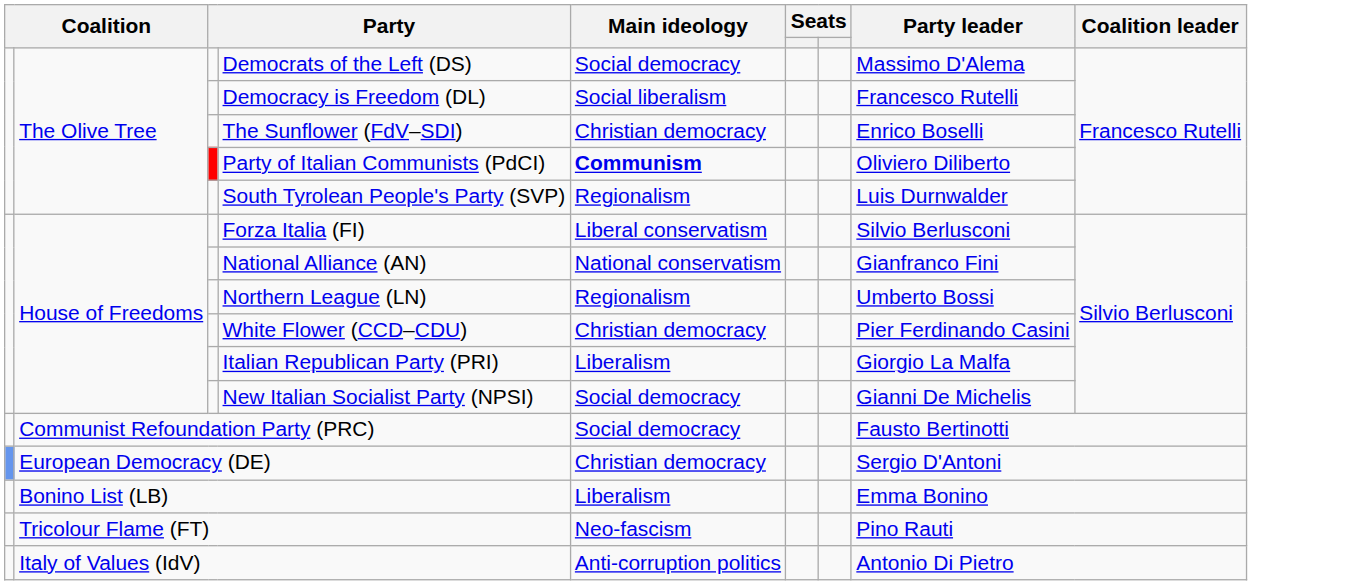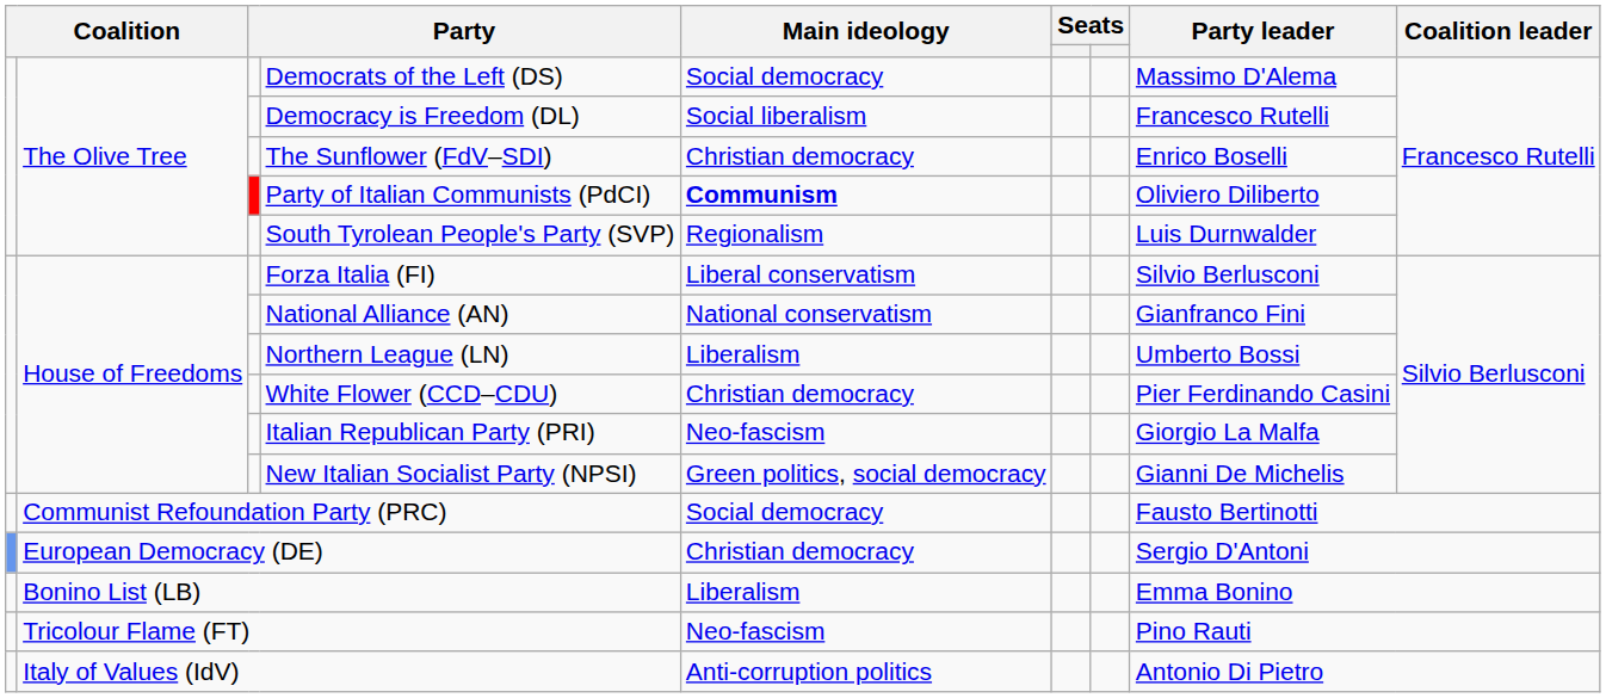 <table class=wikitable style="text-align:left">
 <tr>
 <th colspan="2" rowspan="2">Coalition</th>
 <th colspan="2" rowspan="2">Party</th>
 <th rowspan="2">Main ideology</th>
 <th colspan="2">Seats</th>
 <th rowspan="2">Party leader</th>
 <th rowspan="2">Coalition leader</th>
 </tr>
 <tr>
 <th></th>
 <th></th>
 </tr>
 <tr>
 <td rowspan="5" style="background-color:"></td>
 <td rowspan="5"><a href='#'>The Olive Tree</a></td>
 <td style="background-color:"></td>
 <td><a href='#'>Democrats of the Left</a> (DS)</td>
 <td><a href='#'>Social democracy</a></td>
 <td></td>
 <td></td>
 <td><a href='#'>Massimo D'Alema</a></td>
 <td rowspan="5"><a href='#'>Francesco Rutelli</a></td>
 </tr>
 <tr>
 <td style="background-color:"></td>
 <td><a href='#'>Democracy is Freedom</a> (DL)</td>
 <td><a href='#'>Social liberalism</a></td>
 <td></td>
 <td></td>
 <td><a href='#'>Francesco Rutelli</a></td>
 </tr>
 <tr>
 <td style="background-color:"></td>
 <td><a href='#'>The Sunflower</a> (<a href='#'>FdV</a>–<a href='#'>SDI</a>)</td>
 <td><a href='#'>Christian democracy</a></td>
 <td></td>
 <td></td>
 <td><a href='#'>Enrico Boselli</a></td>
 </tr>
 <tr>
 <td style="background-color:red"></td>
 <td><a href='#'>Party of Italian Communists</a> (PdCI)</td>
 <td><strong><a href='#'>Communism</a></strong></td>
 <td></td>
 <td></td>
 <td><a href='#'>Oliviero Diliberto</a></td>
 </tr>
 <tr>
 <td style="color:inherit;background:"></td>
 <td><a href='#'>South Tyrolean People's Party</a> (SVP)</td>
 <td><a href='#'>Regionalism</a></td>
 <td></td>
 <td></td>
 <td><a href='#'>Luis Durnwalder</a></td>
 </tr>
 <tr>
 <td rowspan="6" style="background-color:"></td>
 <td rowspan="6"><a href='#'>House of Freedoms</a></td>
 <td style="background-color:"></td>
 <td><a href='#'>Forza Italia</a> (FI)</td>
 <td><a href='#'>Liberal conservatism</a></td>
 <td></td>
 <td></td>
 <td><a href='#'>Silvio Berlusconi</a></td>
 <td rowspan="6"><a href='#'>Silvio Berlusconi</a></td>
 </tr>
 <tr>
 <td style="background-color:"></td>
 <td><a href='#'>National Alliance</a> (AN)</td>
 <td><a href='#'>National conservatism</a></td>
 <td></td>
 <td></td>
 <td><a href='#'>Gianfranco Fini</a></td>
 </tr>
 <tr>
 <td style="background-color:"></td>
 <td><a href='#'>Northern League</a> (LN)</td>
-<td><a href='#'>Regionalism</a></td>
+<td><a href='#'>Liberalism</a></td>
 <td></td>
 <td></td>
 <td><a href='#'>Umberto Bossi</a></td>
 </tr>
 <tr>
 <td style="background-color:"></td>
 <td><a href='#'>White Flower</a> (<a href='#'>CCD</a>–<a href='#'>CDU</a>)</td>
 <td><a href='#'>Christian democracy</a></td>
 <td></td>
 <td></td>
 <td><a href='#'>Pier Ferdinando Casini</a></td>
 </tr>
 <tr>
 <td style="color:inherit;background:"></td>
 <td><a href='#'>Italian Republican Party</a> (PRI)</td>
-<td><a href='#'>Liberalism</a></td>
+<td><a href='#'>Neo-fascism</a></td>
 <td></td>
 <td></td>
 <td><a href='#'>Giorgio La Malfa</a></td>
 </tr>
 <tr>
 <td style="color:inherit;background:"></td>
 <td><a href='#'>New Italian Socialist Party</a> (NPSI)</td>
-<td><a href='#'>Social democracy</a></td>
+<td><a href='#'>Green politics</a>, <a href='#'>social democracy</a></td>
 <td></td>
 <td></td>
 <td><a href='#'>Gianni De Michelis</a></td>
 </tr>
 <tr>
 <td style="color:inherit;background:"></td>
 <td colspan="3"><a href='#'>Communist Refoundation Party</a> (PRC)</td>
 <td><a href='#'>Social democracy</a></td>
 <td></td>
 <td></td>
 <td colspan="2"><a href='#'>Fausto Bertinotti</a></td>
 </tr>
 <tr>
 <td style="background:#6495ED;"></td>
 <td colspan="3"><a href='#'>European Democracy</a> (DE)</td>
 <td><a href='#'>Christian democracy</a></td>
 <td></td>
 <td></td>
 <td colspan="2"><a href='#'>Sergio D'Antoni</a></td>
 </tr>
 <tr>
 <td style="color:inherit;background:"></td>
 <td colspan="3"><a href='#'>Bonino List</a> (LB)</td>
 <td><a href='#'>Liberalism</a></td>
 <td></td>
 <td></td>
 <td colspan="2"><a href='#'>Emma Bonino</a></td>
 </tr>
 <tr>
 <td style="color:inherit;background:"></td>
 <td colspan="3"><a href='#'>Tricolour Flame</a> (FT)</td>
 <td><a href='#'>Neo-fascism</a></td>
 <td></td>
 <td></td>
 <td colspan="2"><a href='#'>Pino Rauti</a></td>
 </tr>
 <tr>
 <td style="color:inherit;background:"></td>
 <td colspan="3"><a href='#'>Italy of Values</a> (IdV)</td>
 <td><a href='#'>Anti-corruption politics</a></td>
 <td></td>
 <td></td>
 <td colspan="2"><a href='#'>Antonio Di Pietro</a></td>
 </tr>
 </table>
